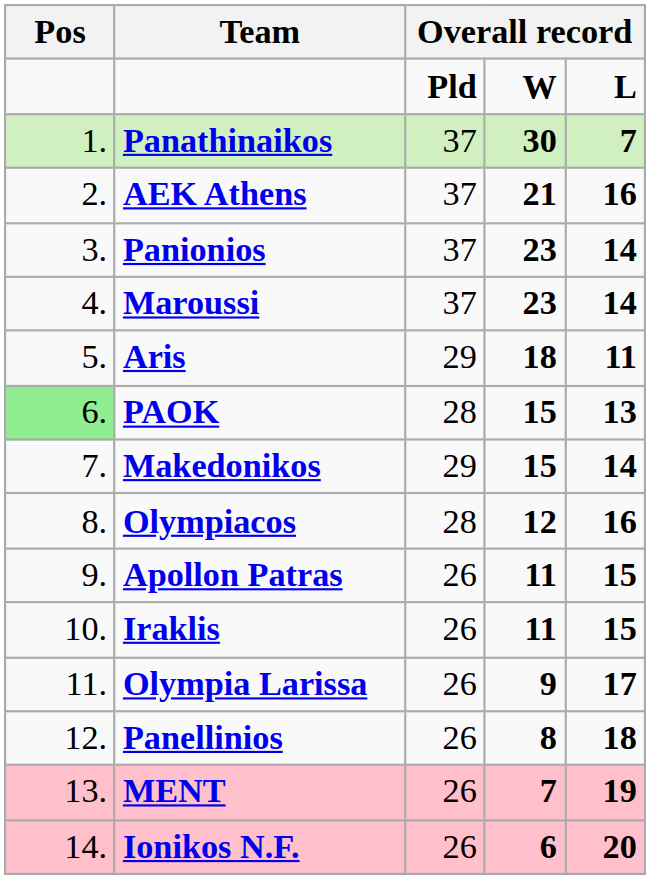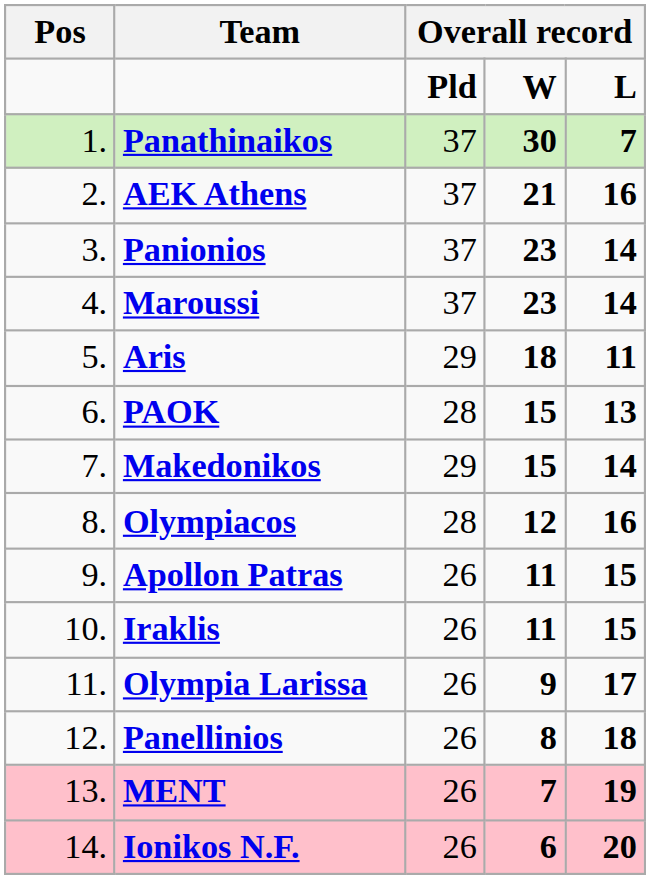 <table class="wikitable" style="text-align: right;">
 <tr>
 <th width="44">Pos</th>
 <th width="128">Team</th>
 <th colspan=3>Overall record</th>
 </tr>
 <tr>
 <td></td>
 <td></td>
 <td width="30"><strong>Pld</strong></td>
 <td width="30"><strong>W</strong></td>
 <td width="30"><strong>L</strong></td>
 </tr>
 <tr bgcolor="D0F0C0">
 <td>1.</td>
 <td align="left"><strong><a href='#'>Panathinaikos</a></strong></td>
 <td>37</td>
 <td><strong>30</strong></td>
 <td><strong>7</strong></td>
 </tr>
 <tr>
 <td>2.</td>
 <td align="left"><strong><a href='#'>AEK Athens</a></strong></td>
 <td>37</td>
 <td><strong>21</strong></td>
 <td><strong>16</strong></td>
 </tr>
 <tr>
 <td>3.</td>
 <td align="left"><strong><a href='#'>Panionios</a></strong></td>
 <td>37</td>
 <td><strong>23</strong></td>
 <td><strong>14</strong></td>
 </tr>
 <tr>
 <td>4.</td>
 <td align="left"><strong><a href='#'>Maroussi</a></strong></td>
 <td>37</td>
 <td><strong>23</strong></td>
 <td><strong>14</strong></td>
 </tr>
 <tr>
 <td>5.</td>
 <td align="left"><strong><a href='#'>Aris</a></strong></td>
 <td>29</td>
 <td><strong>18</strong></td>
 <td><strong>11</strong></td>
 </tr>
 <tr>
-<td style="background: lightgreen;">6.</td>
+<td>6.</td>
 <td align="left"><strong><a href='#'>PAOK</a></strong></td>
 <td>28</td>
 <td><strong>15</strong></td>
 <td><strong>13</strong></td>
 </tr>
 <tr>
 <td>7.</td>
 <td align="left"><strong><a href='#'>Makedonikos</a></strong></td>
 <td>29</td>
 <td><strong>15</strong></td>
 <td><strong>14</strong></td>
 </tr>
 <tr>
 <td>8.</td>
 <td align="left"><strong><a href='#'>Olympiacos</a></strong></td>
 <td>28</td>
 <td><strong>12</strong></td>
 <td><strong>16</strong></td>
 </tr>
 <tr>
 <td>9.</td>
 <td align="left"><strong><a href='#'>Apollon Patras</a></strong></td>
 <td>26</td>
 <td><strong>11</strong></td>
 <td><strong>15</strong></td>
 </tr>
 <tr>
 <td>10.</td>
 <td align="left"><strong><a href='#'>Iraklis</a></strong></td>
 <td>26</td>
 <td><strong>11</strong></td>
 <td><strong>15</strong></td>
 </tr>
 <tr>
 <td>11.</td>
 <td align="left"><strong><a href='#'>Olympia Larissa</a></strong></td>
 <td>26</td>
 <td><strong>9</strong></td>
 <td><strong>17</strong></td>
 </tr>
 <tr>
 <td>12.</td>
 <td align="left"><strong><a href='#'>Panellinios</a></strong></td>
 <td>26</td>
 <td><strong>8</strong></td>
 <td><strong>18</strong></td>
 </tr>
 <tr bgcolor="ffc0cb">
 <td>13.</td>
 <td align="left"><strong><a href='#'>MENT</a></strong></td>
 <td>26</td>
 <td><strong>7</strong></td>
 <td><strong>19</strong></td>
 </tr>
 <tr bgcolor="ffc0cb">
 <td>14.</td>
 <td align="left"><strong><a href='#'>Ionikos N.F.</a></strong></td>
 <td>26</td>
 <td><strong>6</strong></td>
 <td><strong>20</strong></td>
 </tr>
 </table>
